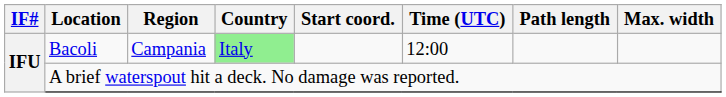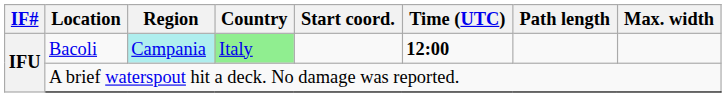 <table class="wikitable sortable" style="width:100%;">
 <tr>
 <th scope="col" width="2%" align="center"><a href='#'>IF#</a></th>
 <th scope="col" align="center" class="unsortable">Location</th>
 <th scope="col" align="center" class="unsortable">Region</th>
 <th scope="col" align="center">Country</th>
 <th scope="col" align="center">Start coord.</th>
 <th scope="col" align="center">Time (<a href='#'>UTC</a>)</th>
 <th scope="col" align="center">Path length</th>
 <th scope="col" align="center">Max. width</th>
 </tr>
 <tr>
 <th scope="row" rowspan="2" style="background-color:#">IFU</th>
 <td><a href='#'>Bacoli</a></td>
-<td><a href='#'>Campania</a></td>
+<td style="background: paleturquoise;"><a href='#'>Campania</a></td>
 <td style="background: lightgreen;"><a href='#'>Italy</a></td>
 <td></td>
-<td>12:00</td>
+<td><strong>12:00</strong></td>
 <td></td>
 <td></td>
 </tr>
 <tr class="expand-child">
 <td colspan="8" style=" border-bottom: 1px solid black;">A brief <a href='#'>waterspout</a> hit a deck. No damage was reported.</td>
 </tr>
 </table>
